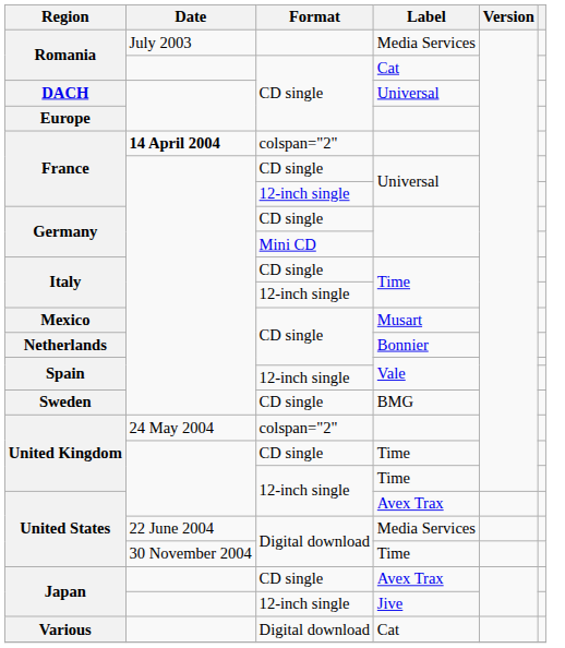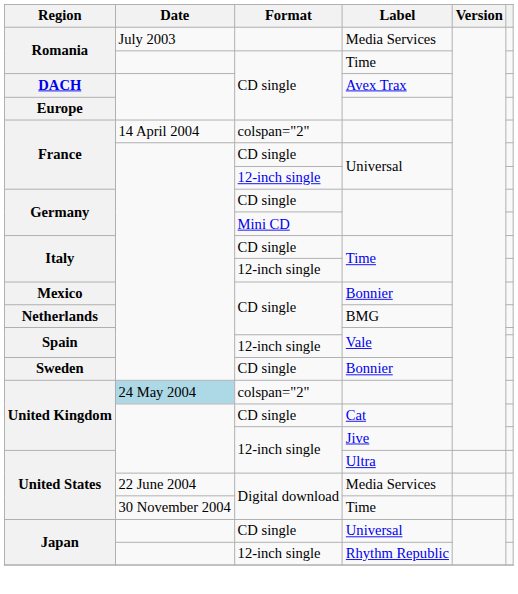 <table class="wikitable plainrowheaders unsortable">
 <tr>
 <th>Region</th>
 <th>Date</th>
 <th>Format</th>
 <th>Label</th>
 <th>Version</th>
 <th></th>
 </tr>
 <tr>
 <th scope="row" rowspan="2">Romania</th>
 <td> July 2003</td>
 <td></td>
 <td>Media Services</td>
 <td rowspan="19"></td>
 <td></td>
 </tr>
 <tr>
 <td rowspan="1"></td>
 <td rowspan="3">CD single</td>
-<td rowspan="1"><a href='#'>Cat</a></td>
+<td>Time</td>
 <td></td>
 </tr>
 <tr>
 <th scope="row"><a href='#'>DACH</a></th>
 <td rowspan="2"></td>
-<td><a href='#'>Universal</a></td>
+<td><a href='#'>Avex Trax</a></td>
 <td></td>
 </tr>
 <tr>
 <th scope="row">Europe</th>
 <td></td>
 <td></td>
 </tr>
 <tr>
 <th scope="row" rowspan="3">France</th>
-<td><strong>14 April 2004</strong></td>
+<td>14 April 2004</td>
 <td>colspan="2" </td>
 <td></td>
 </tr>
 <tr>
 <td rowspan="11"></td>
 <td>CD single</td>
 <td rowspan="2">Universal</td>
 <td></td>
 </tr>
 <tr>
 <td><a href='#'>12-inch single</a></td>
 <td></td>
 </tr>
 <tr>
 <th scope="row" rowspan="2">Germany</th>
 <td rowspan="1">CD single</td>
 <td rowspan="2"></td>
 <td></td>
 </tr>
 <tr>
 <td rowspan="1"><a href='#'>Mini CD</a></td>
 <td></td>
 </tr>
 <tr>
 <th scope="row" rowspan="2">Italy</th>
 <td rowspan="1">CD single</td>
 <td rowspan="2"><a href='#'>Time</a></td>
 <td></td>
 </tr>
 <tr>
 <td>12-inch single</td>
 <td></td>
 </tr>
 <tr>
 <th scope="row">Mexico</th>
 <td rowspan="3">CD single</td>
-<td><a href='#'>Musart</a></td>
+<td><a href='#'>Bonnier</a></td>
 <td></td>
 </tr>
 <tr>
 <th scope="row">Netherlands</th>
-<td><a href='#'>Bonnier</a></td>
+<td>BMG</td>
 <td></td>
 </tr>
 <tr>
 <th scope="row" rowspan="2">Spain</th>
 <td rowspan="2"><a href='#'>Vale</a></td>
 <td></td>
 </tr>
 <tr>
 <td>12-inch single</td>
 <td></td>
 </tr>
 <tr>
 <th scope="row">Sweden</th>
 <td rowspan="1">CD single</td>
-<td>BMG</td>
+<td><a href='#'>Bonnier</a></td>
 <td></td>
 </tr>
 <tr>
 <th scope="row" rowspan="3">United Kingdom</th>
-<td>24 May 2004</td>
+<td style="background: lightblue;">24 May 2004</td>
 <td>colspan="2" </td>
 <td></td>
 </tr>
 <tr>
 <td rowspan="3"></td>
 <td rowspan="1">CD single</td>
-<td>Time</td>
+<td rowspan="1"><a href='#'>Cat</a></td>
 <td></td>
 </tr>
 <tr>
 <td rowspan="2">12-inch single</td>
-<td>Time</td>
+<td><a href='#'>Jive</a></td>
 <td></td>
 </tr>
 <tr>
 <th scope="row" rowspan="3">United States</th>
-<td><a href='#'>Avex Trax</a></td>
+<td><a href='#'>Ultra</a></td>
 <td></td>
 <td></td>
 </tr>
 <tr>
 <td>22 June 2004</td>
 <td rowspan="2">Digital download</td>
 <td>Media Services</td>
 <td></td>
 <td></td>
 </tr>
 <tr>
 <td>30 November 2004</td>
 <td>Time</td>
 <td></td>
 <td></td>
 </tr>
 <tr>
 <th scope="row" rowspan="2">Japan</th>
 <td></td>
 <td>CD single</td>
-<td><a href='#'>Avex Trax</a></td>
+<td><a href='#'>Universal</a></td>
 <td rowspan="2"></td>
 <td></td>
 </tr>
 <tr>
 <td></td>
 <td>12-inch single</td>
-<td><a href='#'>Jive</a></td>
-<td></td>
-</tr>
-<tr>
-<th scope="row">Various</th>
-<td></td>
-<td rowspan="1">Digital download</td>
-<td>Cat</td>
-<td></td>
+<td><a href='#'>Rhythm Republic</a></td>
 <td></td>
 </tr>
 <tr>
 </tr>
 </table>
